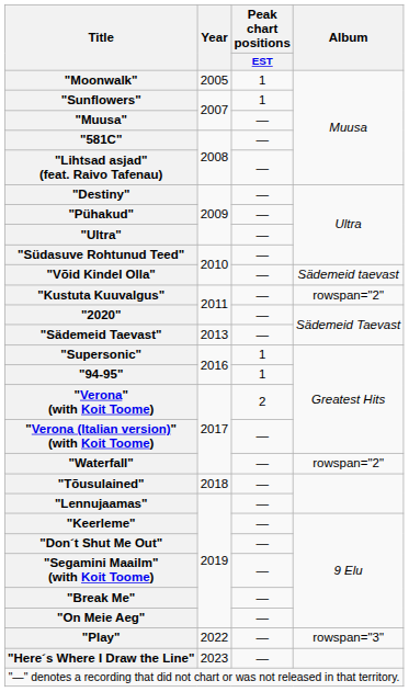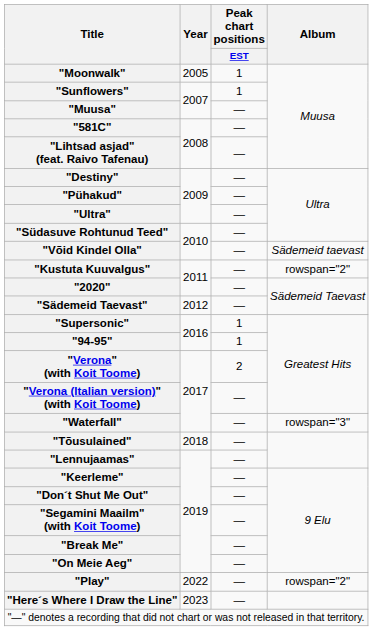 <table class="wikitable plainrowheaders" style="text-align:center;">
 <tr>
 <th scope="col" rowspan="2">Title</th>
 <th scope="col" rowspan="2" style="width:1em;">Year</th>
 <th scope="col" colspan="1">Peak chart positions</th>
 <th scope="col" rowspan="2">Album</th>
 </tr>
 <tr>
 <th scope="col" style="width:3em;font-size:85%;"><a href='#'>EST</a></th>
 </tr>
 <tr>
 <th scope="row">"Moonwalk"</th>
 <td>2005</td>
 <td>1</td>
 <td rowspan="5"><em>Muusa</em></td>
 </tr>
 <tr>
 <th scope="row">"Sunflowers"</th>
 <td rowspan="2">2007</td>
 <td>1</td>
 </tr>
 <tr>
 <th scope="row">"Muusa"</th>
 <td>—</td>
 </tr>
 <tr>
 <th scope="row">"581C"</th>
 <td rowspan="2">2008</td>
 <td>—</td>
 </tr>
 <tr>
 <th scope="row">"Lihtsad asjad"<br><span>(feat. Raivo Tafenau)</span></th>
 <td>—</td>
 </tr>
 <tr>
 <th scope="row">"Destiny"</th>
 <td rowspan="3">2009</td>
 <td>—</td>
 <td rowspan="4"><em>Ultra</em></td>
 </tr>
 <tr>
 <th scope="row">"Pühakud"</th>
 <td>—</td>
 </tr>
 <tr>
 <th scope="row">"Ultra"</th>
 <td>—</td>
 </tr>
 <tr>
 <th scope="row">"Südasuve Rohtunud Teed"</th>
 <td rowspan="2">2010</td>
 <td>—</td>
 </tr>
 <tr>
 <th scope="row">"Võid Kindel Olla"</th>
 <td>—</td>
 <td><em>Sädemeid taevast</em></td>
 </tr>
 <tr>
 <th scope="row">"Kustuta Kuuvalgus"</th>
 <td rowspan="2">2011</td>
 <td>—</td>
 <td>rowspan="2" <em></em></td>
 </tr>
 <tr>
 <th scope="row">"2020"</th>
 <td>—</td>
 <td rowspan="2"><em>Sädemeid Taevast</em></td>
 </tr>
 <tr>
 <th scope="row">"Sädemeid Taevast"</th>
-<td>2013</td>
+<td>2012</td>
 <td>—</td>
 </tr>
 <tr>
 <th scope="row">"Supersonic"</th>
 <td rowspan="2">2016</td>
 <td>1</td>
 <td rowspan="4"><em>Greatest Hits</em></td>
 </tr>
 <tr>
 <th scope="row">"94-95"</th>
 <td>1</td>
 </tr>
 <tr>
 <th scope="row">"<a href='#'>Verona</a>"<br><span>(with <a href='#'>Koit Toome</a>)</span></th>
 <td rowspan="3">2017</td>
 <td>2</td>
 </tr>
 <tr>
 <th scope="row">"<a href='#'>Verona (Italian version)</a>"<br><span>(with <a href='#'>Koit Toome</a>)</span></th>
 <td>—</td>
 </tr>
 <tr>
 <th scope="row">"Waterfall"</th>
 <td>—</td>
-<td>rowspan="2" <em></em></td>
+<td>rowspan="3" <em></em></td>
 </tr>
 <tr>
 <th scope="row">"Tõusulained"</th>
 <td>2018</td>
 <td>—</td>
 </tr>
 <tr>
 <th scope="row">"Lennujaamas"</th>
 <td rowspan="6">2019</td>
 <td>—</td>
 </tr>
 <tr>
 <th scope="row">"Keerleme"</th>
 <td>—</td>
 <td rowspan="5"><em>9 Elu</em></td>
 </tr>
 <tr>
 <th scope="row">"Don´t Shut Me Out"</th>
 <td>—</td>
 </tr>
 <tr>
 <th scope="row">"Segamini Maailm"<br><span>(with <a href='#'>Koit Toome</a>)</span></th>
 <td>—</td>
 </tr>
 <tr>
 <th scope="row">"Break Me"</th>
 <td>—</td>
 </tr>
 <tr>
 <th scope="row">"On Meie Aeg"</th>
 <td>—</td>
 </tr>
 <tr>
 <th scope="row">"Play"</th>
 <td>2022</td>
 <td>—</td>
-<td>rowspan="3" <em></em></td>
+<td>rowspan="2" <em></em></td>
 </tr>
 <tr>
 <th scope="row">"Here´s Where I Draw the Line"</th>
 <td>2023</td>
 <td>—</td>
 </tr>
 <tr>
 <td colspan="4" style="font-size:90%">"—" denotes a recording that did not chart or was not released in that territory.</td>
 </tr>
 </table>
